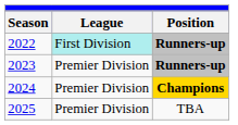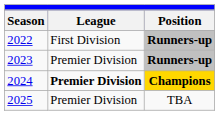 <table class="wikitable">
 <tr>
 <th colspan="3" style="background:blue;"><span><a href='#'></a></span></th>
 </tr>
 <tr>
 </tr>
 <tr bgcolor="#7070ff">
 <th>Season</th>
 <th>League</th>
 <th>Position</th>
 </tr>
 <tr>
 <td><a href='#'>2022</a></td>
-<td style="background: paleturquoise;">First Division</td>
+<td>First Division</td>
 <td align="center" bgcolor="silver"><strong>Runners-up</strong></td>
 </tr>
 <tr>
 <td><a href='#'>2023</a></td>
 <td>Premier Division</td>
 <td align="center" bgcolor="silver"><strong>Runners-up</strong></td>
 </tr>
 <tr>
 <td><a href='#'>2024</a></td>
-<td>Premier Division</td>
+<td><strong>Premier Division</strong></td>
 <td align="center" bgcolor="gold"><strong>Champions</strong></td>
 </tr>
 <tr>
 <td><a href='#'>2025</a></td>
 <td>Premier Division</td>
 <td align="center">TBA</td>
 </tr>
 </table>
